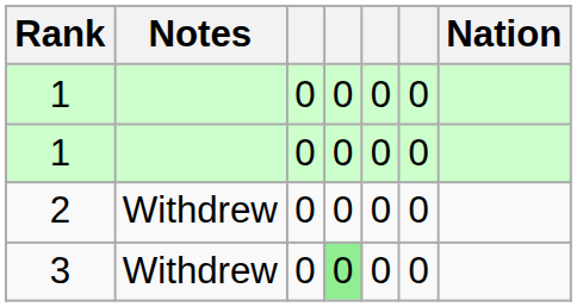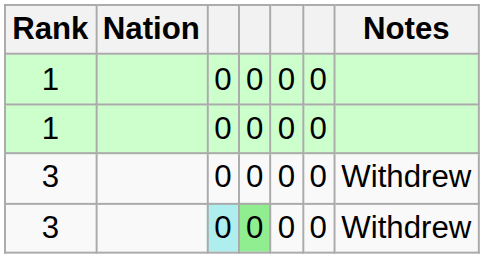 <table class="wikitable sortable" style="text-align: center;">
 <tr>
 <th>Rank</th>
-<th>Notes</th>
+<th>Nation</th>
 <th></th>
 <th></th>
 <th></th>
 <th></th>
-<th>Nation</th>
+<th>Notes</th>
 </tr>
 <tr style="background:#cfc;">
 <td>1</td>
-<td></td>
+<td align=left></td>
 <td>0</td>
 <td>0</td>
 <td>0</td>
 <td>0</td>
-<td align=left></td>
+<td></td>
 </tr>
 <tr style="background:#cfc;">
 <td>1</td>
-<td></td>
+<td align=left></td>
 <td>0</td>
 <td>0</td>
 <td>0</td>
 <td>0</td>
-<td align=left></td>
+<td></td>
 </tr>
 <tr>
-<td>2</td>
-<td>Withdrew</td>
+<td>3</td>
+<td align=left></td>
 <td>0</td>
 <td>0</td>
 <td>0</td>
 <td>0</td>
-<td align=left></td>
+<td>Withdrew</td>
 </tr>
 <tr>
 <td>3</td>
-<td>Withdrew</td>
-<td>0</td>
+<td align=left></td>
+<td style="background: paleturquoise;">0</td>
 <td style="background: lightgreen;">0</td>
 <td>0</td>
 <td>0</td>
-<td align=left></td>
+<td>Withdrew</td>
 </tr>
 </table>
